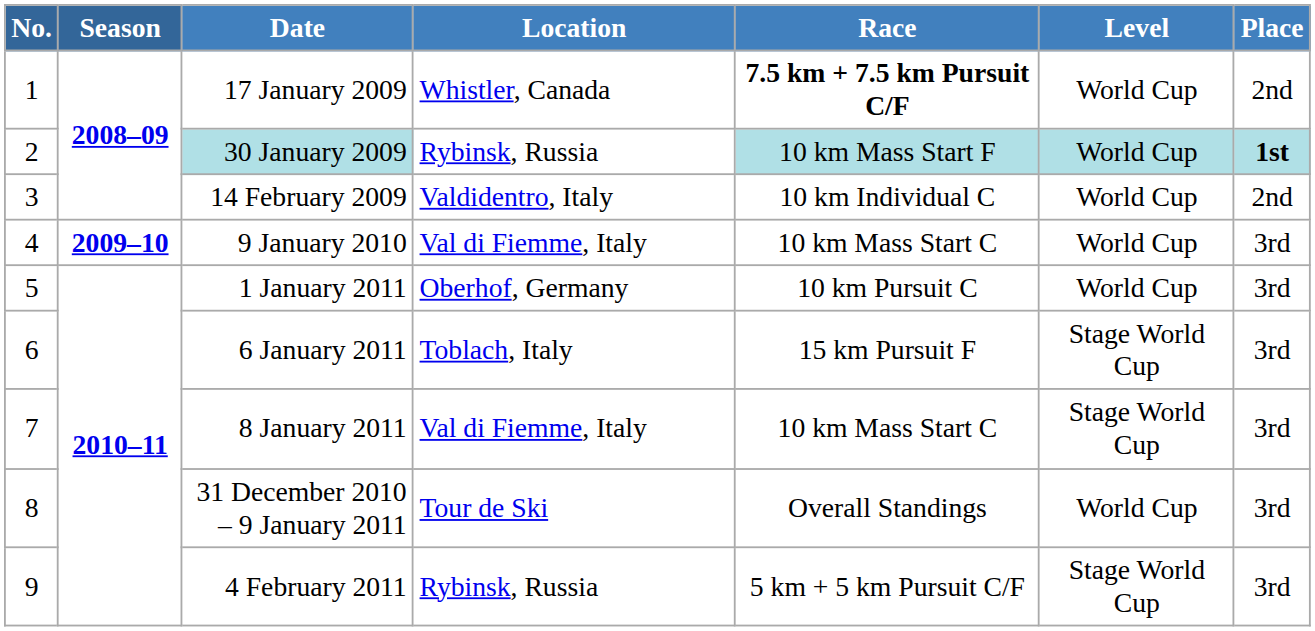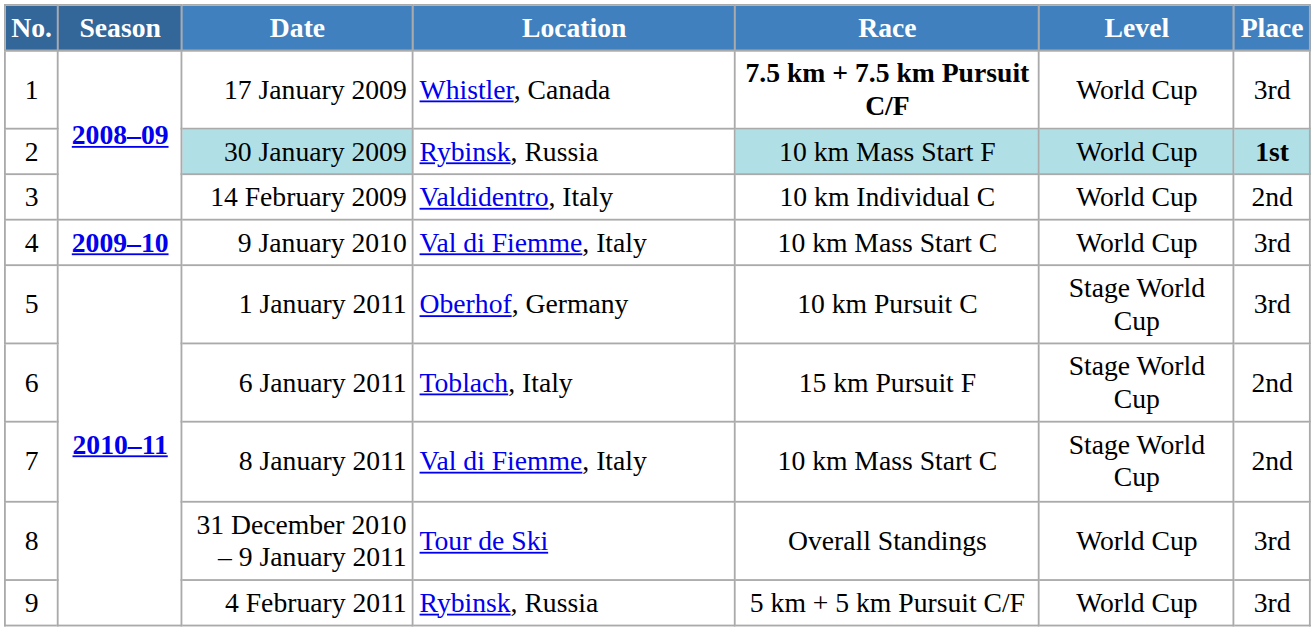 <table class="wikitable sortable" style="font-size:95%; text-align:center; border:grey solid 1px; border-collapse:collapse; background:#ffffff;">
 <tr style="background:#efefef;">
 <th style="background-color:#369; color:white;">No.</th>
 <th style="background-color:#369; color:white;">Season</th>
 <th style="background-color:#4180be; color:white; width:120px;">Date</th>
 <th style="background-color:#4180be; color:white; width:170px;">Location</th>
 <th style="background-color:#4180be; color:white; width:160px;">Race</th>
 <th style="background-color:#4180be; color:white; width:100px;">Level</th>
 <th style="background-color:#4180be; color:white;">Place</th>
 </tr>
 <tr>
 <td align=center>1</td>
 <td rowspan=3 align=center><strong> <a href='#'>2008–09</a> </strong></td>
 <td align=right>17 January 2009</td>
 <td align=left> <a href='#'>Whistler</a>, Canada</td>
 <td><strong>7.5 km + 7.5 km Pursuit C/F</strong></td>
 <td>World Cup</td>
-<td>2nd</td>
+<td>3rd</td>
 </tr>
 <tr>
 <td align=center>2</td>
 <td bgcolor="#BOEOE6" align=right>30 January 2009</td>
 <td align=left> <a href='#'>Rybinsk</a>, Russia</td>
 <td bgcolor="#BOEOE6">10 km Mass Start F</td>
 <td bgcolor="#BOEOE6">World Cup</td>
 <td bgcolor="#BOEOE6"><strong>1st</strong></td>
 </tr>
 <tr>
 <td align=center>3</td>
 <td align=right>14 February 2009</td>
 <td align=left> <a href='#'>Valdidentro</a>, Italy</td>
 <td>10 km Individual C</td>
 <td>World Cup</td>
 <td>2nd</td>
 </tr>
 <tr>
 <td align=center>4</td>
 <td rowspan=1 align=center><strong> <a href='#'>2009–10</a> </strong></td>
 <td align=right>9 January 2010</td>
 <td align=left> <a href='#'>Val di Fiemme</a>, Italy</td>
 <td>10 km Mass Start C</td>
 <td>World Cup</td>
 <td>3rd</td>
 </tr>
 <tr>
 <td align=center>5</td>
 <td rowspan=5 align=center><strong> <a href='#'>2010–11</a> </strong></td>
 <td align=right>1 January 2011</td>
 <td align=left> <a href='#'>Oberhof</a>, Germany</td>
 <td>10 km Pursuit C</td>
-<td>World Cup</td>
+<td>Stage World Cup</td>
 <td>3rd</td>
 </tr>
 <tr>
 <td align=center>6</td>
 <td align=right>6 January 2011</td>
 <td align=left> <a href='#'>Toblach</a>, Italy</td>
 <td>15 km Pursuit F</td>
 <td>Stage World Cup</td>
-<td>3rd</td>
+<td>2nd</td>
 </tr>
 <tr>
 <td align=center>7</td>
 <td align=right>8 January 2011</td>
 <td align=left> <a href='#'>Val di Fiemme</a>, Italy</td>
 <td>10 km Mass Start C</td>
 <td>Stage World Cup</td>
-<td>3rd</td>
+<td>2nd</td>
 </tr>
 <tr>
 <td align=center>8</td>
 <td align=right>31 December 2010<br> – 9 January 2011</td>
 <td align=left> <a href='#'>Tour de Ski</a></td>
 <td>Overall Standings</td>
 <td>World Cup</td>
 <td>3rd</td>
 </tr>
 <tr>
 <td align=center>9</td>
 <td align=right>4 February 2011</td>
 <td align=left> <a href='#'>Rybinsk</a>, Russia</td>
 <td>5 km + 5 km Pursuit C/F</td>
-<td>Stage World Cup</td>
+<td>World Cup</td>
 <td>3rd</td>
 </tr>
 </table>
